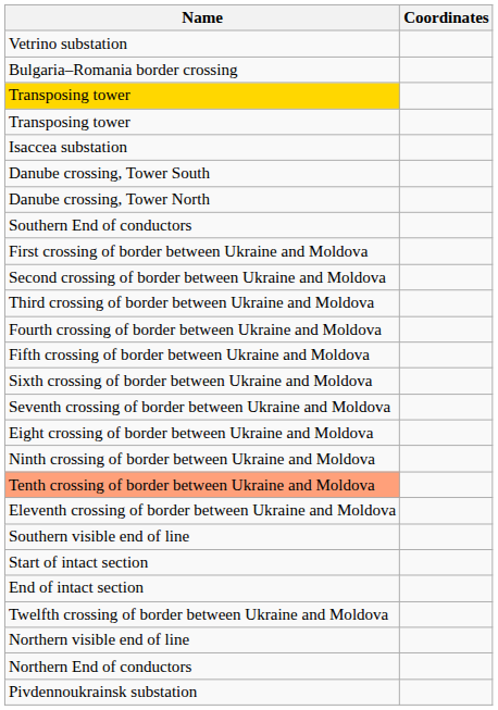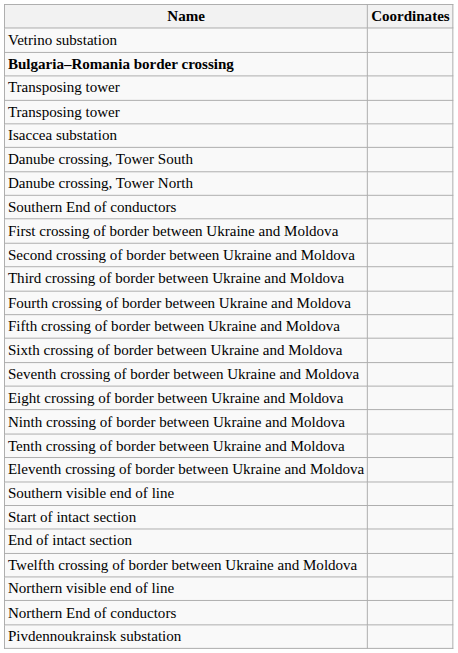 <table class="wikitable sortable">
 <tr>
 <th>Name</th>
 <th>Coordinates</th>
 </tr>
 <tr>
 <td>Vetrino substation</td>
 <td></td>
 </tr>
 <tr>
-<td>Bulgaria–Romania border crossing</td>
+<td><strong>Bulgaria–Romania border crossing</strong></td>
 <td></td>
 </tr>
 <tr>
-<td style="background: gold;">Transposing tower</td>
+<td>Transposing tower</td>
 <td></td>
 </tr>
 <tr>
 <td>Transposing tower</td>
 <td></td>
 </tr>
 <tr>
 <td>Isaccea substation</td>
 <td></td>
 </tr>
 <tr>
 <td>Danube crossing, Tower South</td>
 <td></td>
 </tr>
 <tr>
 <td>Danube crossing, Tower North</td>
 <td></td>
 </tr>
 <tr>
 <td>Southern End of conductors</td>
 <td></td>
 </tr>
 <tr>
 <td>First crossing of border between Ukraine and Moldova</td>
 <td></td>
 </tr>
 <tr>
 <td>Second crossing of border between Ukraine and Moldova</td>
 <td></td>
 </tr>
 <tr>
 <td>Third crossing of border between Ukraine and Moldova</td>
 <td></td>
 </tr>
 <tr>
 <td>Fourth crossing of border between Ukraine and Moldova</td>
 <td></td>
 </tr>
 <tr>
 <td>Fifth crossing of border between Ukraine and Moldova</td>
 <td></td>
 </tr>
 <tr>
 <td>Sixth crossing of border between Ukraine and Moldova</td>
 <td></td>
 </tr>
 <tr>
 <td>Seventh crossing of border between Ukraine and Moldova</td>
 <td></td>
 </tr>
 <tr>
 <td>Eight crossing of border between Ukraine and Moldova</td>
 <td></td>
 </tr>
 <tr>
 <td>Ninth crossing of border between Ukraine and Moldova</td>
 <td></td>
 </tr>
 <tr>
-<td style="background: lightsalmon;">Tenth crossing of border between Ukraine and Moldova</td>
+<td>Tenth crossing of border between Ukraine and Moldova</td>
 <td></td>
 </tr>
 <tr>
 <td>Eleventh crossing of border between Ukraine and Moldova</td>
 <td></td>
 </tr>
 <tr>
 <td>Southern visible end of line</td>
 <td></td>
 </tr>
 <tr>
 <td>Start of intact section</td>
 <td></td>
 </tr>
 <tr>
 <td>End of intact section</td>
 <td></td>
 </tr>
 <tr>
 <td>Twelfth crossing of border between Ukraine and Moldova</td>
 <td></td>
 </tr>
 <tr>
 <td>Northern visible end of line</td>
 <td></td>
 </tr>
 <tr>
 <td>Northern End of conductors</td>
 <td></td>
 </tr>
 <tr>
 <td>Pivdennoukrainsk substation</td>
 <td></td>
 </tr>
 </table>
